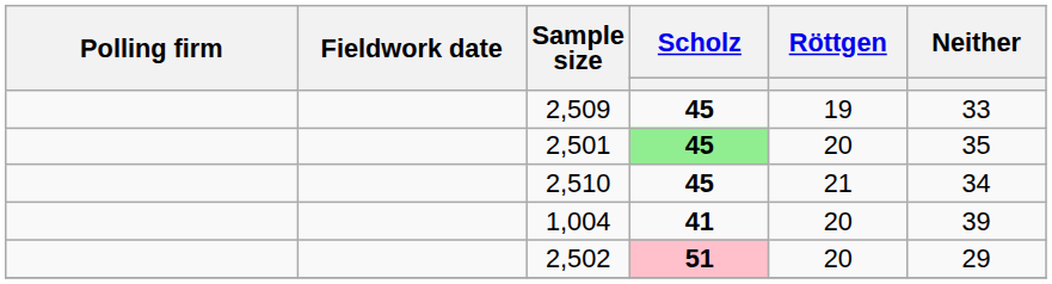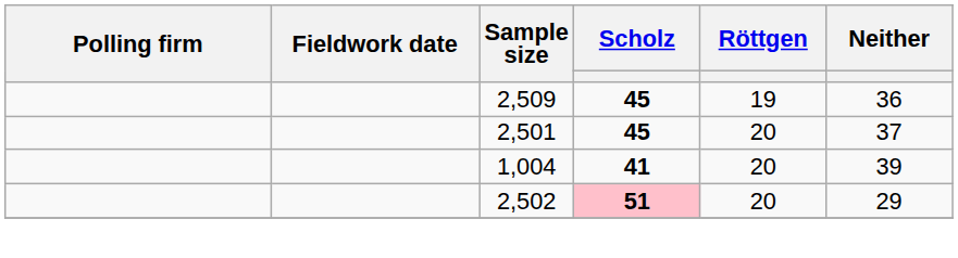 <table class="wikitable sortable mw-datatable" style="text-align:center;font-size:90%;line-height:14px;">
 <tr style="height:40px;">
 <th style="width:155px;" rowspan="2">Polling firm</th>
 <th style="width:120px;" rowspan="2">Fieldwork date</th>
 <th style="width: 35px;" rowspan="2">Sample<br>size</th>
 <th class="unsortable" style="width:70px;"><a href='#'>Scholz</a><br></th>
 <th class="unsortable" style="width:70px;"><a href='#'>Röttgen</a><br></th>
 <th class="unsortable" style="width:70px;">Neither</th>
 </tr>
 <tr>
 <th style="background:"></th>
 <th style="background:"></th>
 <th style="background:"></th>
 </tr>
 <tr>
 <td></td>
 <td></td>
 <td>2,509</td>
 <td><strong>45</strong></td>
 <td>19</td>
-<td>33</td>
+<td>36</td>
 </tr>
 <tr>
 <td></td>
 <td></td>
 <td>2,501</td>
-<td style="background: lightgreen;"><strong>45</strong></td>
+<td><strong>45</strong></td>
 <td>20</td>
-<td>35</td>
-</tr>
-<tr>
-<td></td>
-<td></td>
-<td>2,510</td>
-<td><strong>45</strong></td>
-<td>21</td>
-<td>34</td>
+<td>37</td>
 </tr>
 <tr>
 <td></td>
 <td></td>
 <td>1,004</td>
 <td><strong>41</strong></td>
 <td>20</td>
 <td>39</td>
 </tr>
 <tr>
 <td></td>
 <td></td>
 <td>2,502</td>
 <td style="background: pink;"><strong>51</strong></td>
 <td>20</td>
 <td>29</td>
 </tr>
 <tr>
 </tr>
 </table>
